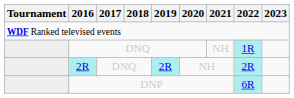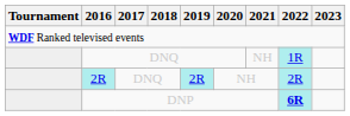 <table class="wikitable" style="width:20%; margin:0">
 <tr>
 <th>Tournament</th>
 <th>2016</th>
 <th>2017</th>
 <th>2018</th>
 <th>2019</th>
 <th>2020</th>
 <th>2021</th>
 <th>2022</th>
 <th>2023</th>
 </tr>
 <tr>
 <td colspan="9" style="text-align:left"><small><strong><a href='#'>WDF</a> </strong>Ranked televised events</small></td>
 </tr>
 <tr>
 <td style="background:#efefef;"></td>
 <td colspan="5" style="text-align:center; color:#ccc;">DNQ</td>
 <td style="text-align:center; color:#ccc;">NH</td>
 <td style="text-align:center; background:#afeeee;"><a href='#'>1R</a></td>
 <td></td>
 </tr>
 <tr>
 <td style="background:#efefef;"></td>
 <td style="text-align:center; background:#afeeee;"><a href='#'>2R</a></td>
 <td colspan="2" style="text-align:center; color:#ccc;">DNQ</td>
 <td style="text-align:center; background:#afeeee;"><a href='#'>2R</a></td>
 <td colspan="2" style="text-align:center; color:#ccc;">NH</td>
 <td style="text-align:center; background:#afeeee;"><a href='#'>2R</a></td>
 <td></td>
 </tr>
 <tr>
 <td style="background:#efefef;"></td>
 <td colspan="6" style="text-align:center; color:#ccc;">DNP</td>
-<td style="text-align:center; background:#afeeee;"><a href='#'>6R</a></td>
+<td style="text-align:center; background:#afeeee;"><strong><a href='#'>6R</a></strong></td>
 <td></td>
 </tr>
 </table>
